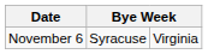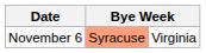 <table class="wikitable" style="font-size:95%;">
 <tr>
 <th>Date</th>
 <th colspan="3">Bye Week</th>
 </tr>
 <tr>
 <td>November 6</td>
-<td>Syracuse</td>
+<td style="background: lightsalmon;">Syracuse</td>
 <td>Virginia</td>
 </tr>
 </table>
